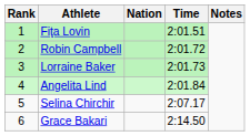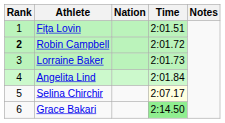 <table class="wikitable sortable" style="text-align:center">
 <tr>
 <th>Rank</th>
 <th>Athlete</th>
 <th>Nation</th>
 <th>Time</th>
 <th>Notes</th>
 </tr>
 <tr style="background:#bbf3bb;">
 <td>1</td>
 <td align=left><a href='#'>Fiţa Lovin</a></td>
 <td align=left></td>
 <td>2:01.51</td>
 </tr>
 <tr style="background:#bbf3bb;">
-<td>2</td>
+<td><strong>2</strong></td>
 <td align=left><a href='#'>Robin Campbell</a></td>
 <td align=left></td>
 <td>2:01.72</td>
 </tr>
 <tr style="background:#bbf3bb;">
 <td>3</td>
 <td align=left><a href='#'>Lorraine Baker</a></td>
 <td align=left></td>
 <td>2:01.73</td>
 </tr>
 <tr style="background:#ccf9cc;">
 <td>4</td>
 <td align=left><a href='#'>Angelita Lind</a></td>
 <td align=left></td>
 <td>2:01.84</td>
 </tr>
 <tr>
 <td>5</td>
 <td align=left><a href='#'>Selina Chirchir</a></td>
 <td align=left></td>
-<td>2:07.17</td>
+<td style="background: lightyellow;">2:07.17</td>
 </tr>
 <tr>
 <td>6</td>
 <td align=left><a href='#'>Grace Bakari</a></td>
 <td align=left></td>
-<td>2:14.50</td>
+<td style="background: lightgreen;">2:14.50</td>
 </tr>
 </table>
